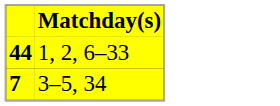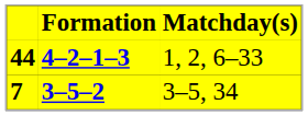 <table class="toccolours" border="0" cellpadding="2" cellspacing="0" align="center" style="margin: 0.5em 0 1em 1em; background: #000000; border: 1px #aaaaaa solid;">
 <tr bgcolor=#FFFF00>
 <th></th>
+<th>Formation</th>
 <th>Matchday(s)</th>
 </tr>
 <tr bgcolor=#FFFF00>
 <td><strong>44</strong></td>
+<td><a href='#'><span><strong>4–2–1–3</strong></span></a></td>
 <td>1, 2, 6–33</td>
 </tr>
 <tr bgcolor=#FFFF00>
 <td><strong>7</strong></td>
+<td><a href='#'><span><strong>3–5–2</strong></span></a></td>
 <td>3–5, 34</td>
 </tr>
 </table>
